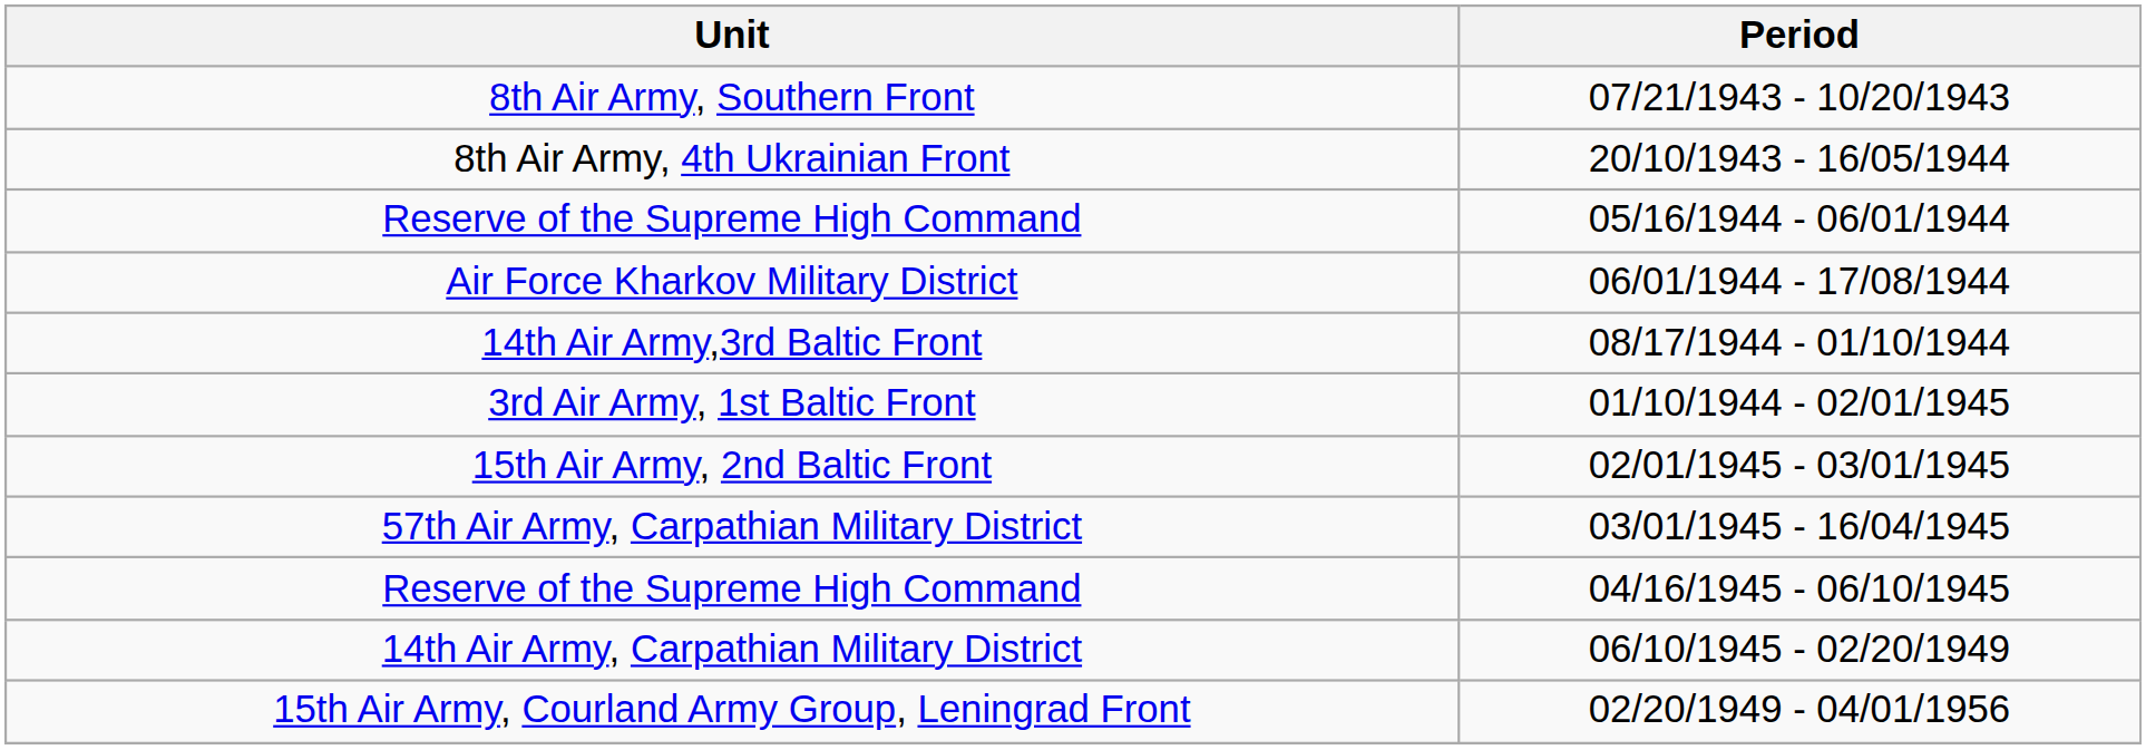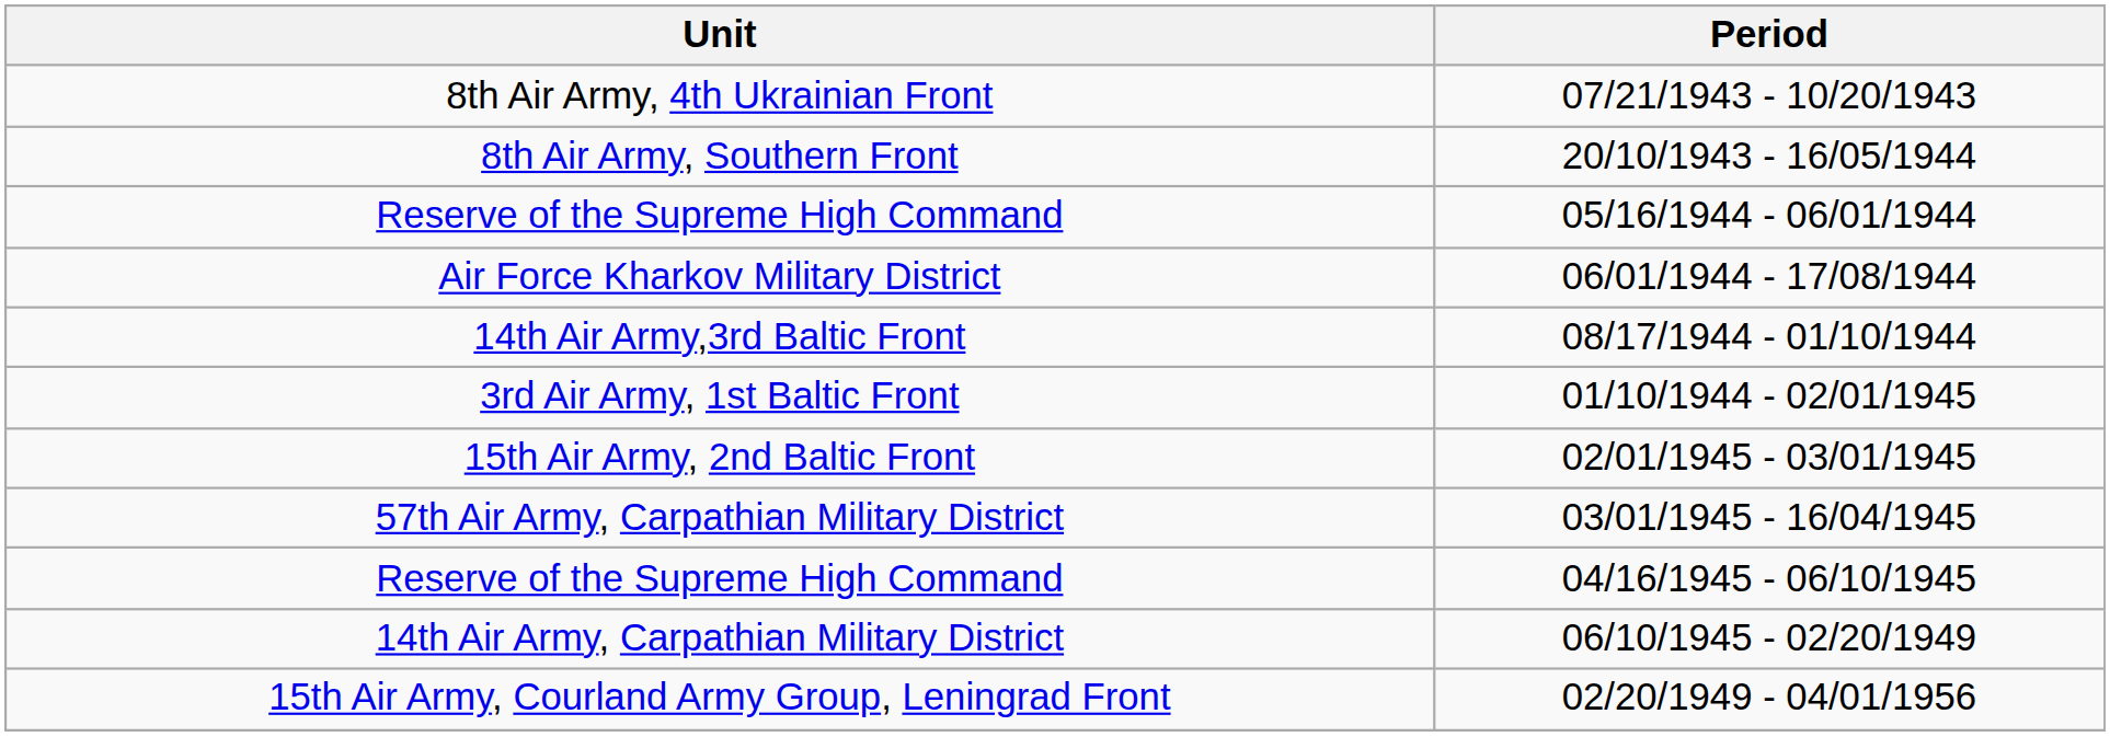 <table class = "wikitable" style = "text-align: center; width: 100%">
 <tr>
 <th>Unit</th>
 <th>Period</th>
 </tr>
 <tr>
-<td><a href='#'>8th Air Army</a>,  <a href='#'>Southern Front</a></td>
+<td>8th Air Army, <a href='#'>4th Ukrainian Front</a></td>
 <td>07/21/1943 - 10/20/1943</td>
 </tr>
 <tr>
-<td>8th Air Army, <a href='#'>4th Ukrainian Front</a></td>
+<td><a href='#'>8th Air Army</a>,  <a href='#'>Southern Front</a></td>
 <td>20/10/1943 - 16/05/1944</td>
 </tr>
 <tr>
 <td><a href='#'>Reserve of the Supreme High Command</a></td>
 <td>05/16/1944 - 06/01/1944</td>
 </tr>
 <tr>
 <td><a href='#'>Air Force Kharkov Military District</a></td>
 <td>06/01/1944 - 17/08/1944</td>
 </tr>
 <tr>
 <td><a href='#'>14th Air Army</a>,<a href='#'>3rd Baltic Front</a></td>
 <td>08/17/1944 - 01/10/1944</td>
 </tr>
 <tr>
 <td><a href='#'>3rd Air Army</a>, <a href='#'>1st Baltic Front</a></td>
 <td>01/10/1944 - 02/01/1945</td>
 </tr>
 <tr>
 <td><a href='#'>15th Air Army</a>, <a href='#'>2nd Baltic Front</a></td>
 <td>02/01/1945 - 03/01/1945</td>
 </tr>
 <tr>
 <td><a href='#'>57th Air Army</a>, <a href='#'>Carpathian Military District</a></td>
 <td>03/01/1945 - 16/04/1945</td>
 </tr>
 <tr>
 <td><a href='#'>Reserve of the Supreme High Command</a></td>
 <td>04/16/1945 - 06/10/1945</td>
 </tr>
 <tr>
 <td><a href='#'>14th Air Army</a>, <a href='#'>Carpathian Military District</a></td>
 <td>06/10/1945 - 02/20/1949</td>
 </tr>
 <tr>
 <td><a href='#'>15th Air Army</a>, <a href='#'>Courland Army Group</a>, <a href='#'>Leningrad Front</a></td>
 <td>02/20/1949 - 04/01/1956</td>
 </tr>
 <tr>
 </tr>
 </table>
